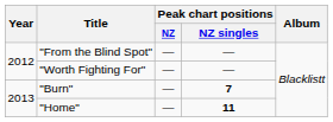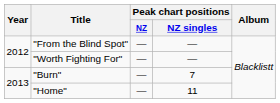 <table class="wikitable">
 <tr>
 <th rowspan="2"  width="1em">Year</th>
 <th rowspan="2">Title</th>
 <th colspan="2">Peak chart positions</th>
 <th rowspan="2">Album</th>
 </tr>
 <tr>
 <th><small><a href='#'>NZ</a></small></th>
 <th><a href='#'>NZ singles</a></th>
 </tr>
 <tr>
 <td rowspan="2">2012</td>
 <td>"From the Blind Spot"</td>
 <td align="center">—</td>
 <td align="center">—</td>
 <td rowspan="4"><em>Blacklistt</em></td>
 </tr>
 <tr>
 <td>"Worth Fighting For"</td>
 <td align="center">—</td>
 <td align="center">—</td>
 </tr>
 <tr>
 <td rowspan="2">2013</td>
 <td>"Burn"</td>
 <td align="center">—</td>
-<td align="center"><strong>7</strong></td>
+<td align="center">7</td>
 </tr>
 <tr>
 <td>"Home"</td>
 <td align="center">—</td>
-<td align="center"><strong>11</strong></td>
+<td align="center">11</td>
 </tr>
 </table>
